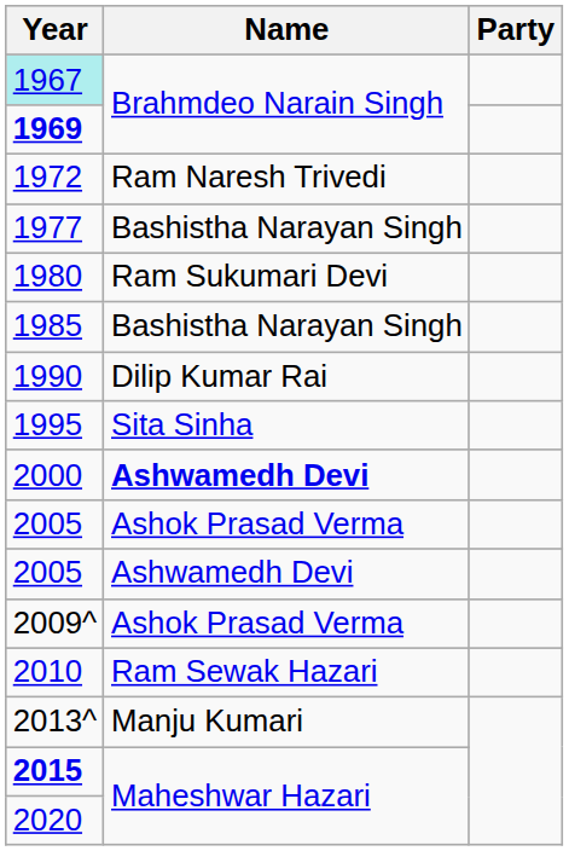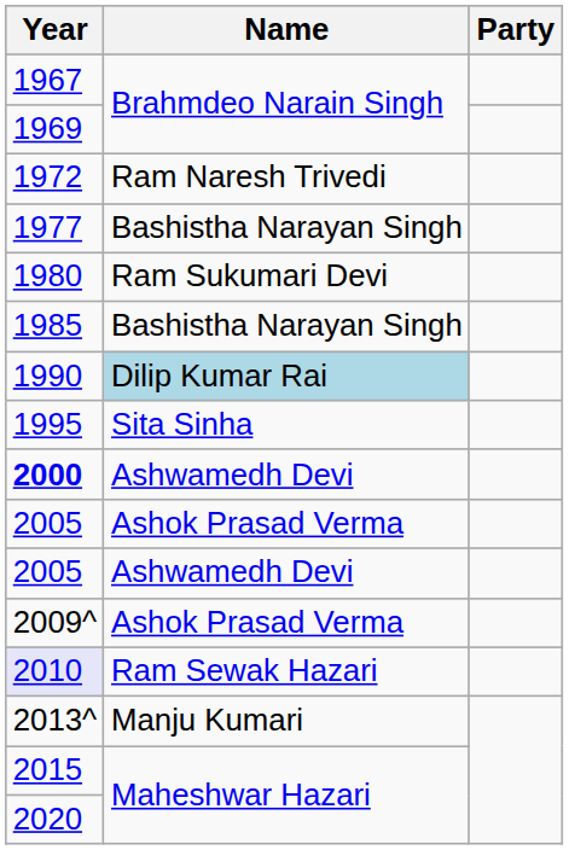 <table class="wikitable sortable">
 <tr>
 <th>Year</th>
 <th>Name</th>
 <th colspan="2">Party</th>
 </tr>
 <tr>
-<td style="background: paleturquoise;"><a href='#'>1967</a></td>
+<td><a href='#'>1967</a></td>
 <td rowspan="2"><a href='#'>Brahmdeo Narain Singh</a></td>
 <td></td>
 </tr>
 <tr>
-<td><strong><a href='#'>1969</a></strong></td>
+<td><a href='#'>1969</a></td>
 </tr>
 <tr>
 <td><a href='#'>1972</a></td>
 <td>Ram Naresh Trivedi</td>
 <td></td>
 </tr>
 <tr>
 <td><a href='#'>1977</a></td>
 <td>Bashistha Narayan Singh</td>
 <td></td>
 </tr>
 <tr>
 <td><a href='#'>1980</a></td>
 <td>Ram Sukumari Devi</td>
 <td></td>
 </tr>
 <tr>
 <td><a href='#'>1985</a></td>
 <td>Bashistha Narayan Singh</td>
 <td></td>
 </tr>
 <tr>
 <td><a href='#'>1990</a></td>
-<td>Dilip Kumar Rai</td>
+<td style="background: lightblue;">Dilip Kumar Rai</td>
 <td></td>
 </tr>
 <tr>
 <td><a href='#'>1995</a></td>
 <td><a href='#'>Sita Sinha</a></td>
 <td></td>
 </tr>
 <tr>
-<td><a href='#'>2000</a></td>
-<td><strong><a href='#'>Ashwamedh Devi</a></strong></td>
+<td><strong><a href='#'>2000</a></strong></td>
+<td><a href='#'>Ashwamedh Devi</a></td>
 <td></td>
 </tr>
 <tr>
 <td><a href='#'>2005</a></td>
 <td><a href='#'>Ashok Prasad Verma</a></td>
 <td></td>
 </tr>
 <tr>
 <td><a href='#'>2005</a></td>
 <td><a href='#'>Ashwamedh Devi</a></td>
 <td></td>
 </tr>
 <tr>
 <td>2009^</td>
 <td><a href='#'>Ashok Prasad Verma</a></td>
 <td></td>
 </tr>
 <tr>
-<td><a href='#'>2010</a></td>
+<td style="background: lavender;"><a href='#'>2010</a></td>
 <td><a href='#'>Ram Sewak Hazari</a></td>
 <td></td>
 </tr>
 <tr>
 <td>2013^</td>
 <td>Manju Kumari</td>
 </tr>
 <tr>
-<td><strong><a href='#'>2015</a></strong></td>
+<td><a href='#'>2015</a></td>
 <td rowspan="2"><a href='#'>Maheshwar Hazari</a></td>
 </tr>
 <tr>
 <td><a href='#'>2020</a></td>
 </tr>
 </table>
